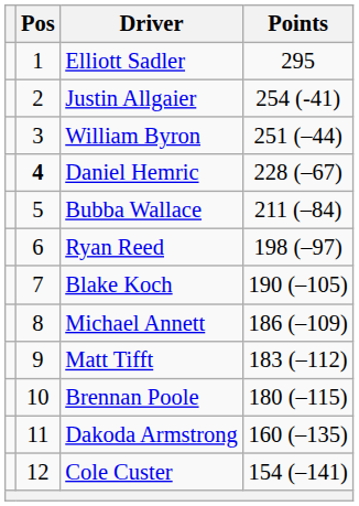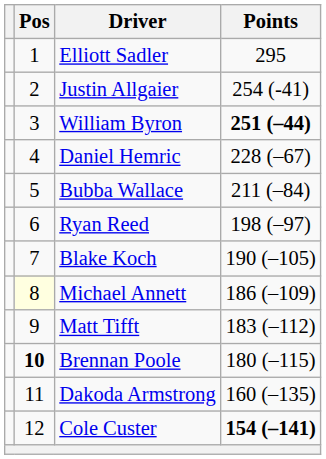 <table class="wikitable" style="font-size: 95%;">
 <tr>
 <th></th>
 <th>Pos</th>
 <th>Driver</th>
 <th>Points</th>
 </tr>
 <tr>
 <td align="left"></td>
 <td style="text-align:center;">1</td>
 <td><a href='#'>Elliott Sadler</a></td>
 <td style="text-align:center;">295</td>
 </tr>
 <tr>
 <td align="left"></td>
 <td style="text-align:center;">2</td>
 <td><a href='#'>Justin Allgaier</a></td>
 <td style="text-align:center;">254 (-41)</td>
 </tr>
 <tr>
 <td align="left"></td>
 <td style="text-align:center;">3</td>
 <td><a href='#'>William Byron</a></td>
-<td style="text-align:center;">251 (–44)</td>
+<td style="text-align:center;"><strong>251 (–44)</strong></td>
 </tr>
 <tr>
 <td align="left"></td>
-<td style="text-align:center;"><strong>4</strong></td>
+<td style="text-align:center;">4</td>
 <td><a href='#'>Daniel Hemric</a></td>
 <td style="text-align:center;">228 (–67)</td>
 </tr>
 <tr>
 <td align="left"></td>
 <td style="text-align:center;">5</td>
 <td><a href='#'>Bubba Wallace</a></td>
 <td style="text-align:center;">211 (–84)</td>
 </tr>
 <tr>
 <td align="left"></td>
 <td style="text-align:center;">6</td>
 <td><a href='#'>Ryan Reed</a></td>
 <td style="text-align:center;">198 (–97)</td>
 </tr>
 <tr>
 <td align="left"></td>
 <td style="text-align:center;">7</td>
 <td><a href='#'>Blake Koch</a></td>
 <td style="text-align:center;">190 (–105)</td>
 </tr>
 <tr>
 <td align="left"></td>
-<td style="text-align:center;">8</td>
+<td style="background: lightyellow; text-align:center;">8</td>
 <td><a href='#'>Michael Annett</a></td>
 <td style="text-align:center;">186 (–109)</td>
 </tr>
 <tr>
 <td align="left"></td>
 <td style="text-align:center;">9</td>
 <td><a href='#'>Matt Tifft</a></td>
 <td style="text-align:center;">183 (–112)</td>
 </tr>
 <tr>
 <td align="left"></td>
-<td style="text-align:center;">10</td>
+<td style="text-align:center;"><strong>10</strong></td>
 <td><a href='#'>Brennan Poole</a></td>
 <td style="text-align:center;">180 (–115)</td>
 </tr>
 <tr>
 <td align="left"></td>
 <td style="text-align:center;">11</td>
 <td><a href='#'>Dakoda Armstrong</a></td>
 <td style="text-align:center;">160 (–135)</td>
 </tr>
 <tr>
 <td align="left"></td>
 <td style="text-align:center;">12</td>
 <td><a href='#'>Cole Custer</a></td>
-<td style="text-align:center;">154 (–141)</td>
+<td style="text-align:center;"><strong>154 (–141)</strong></td>
 </tr>
 <tr class="sortbottom">
 <th colspan="9"></th>
 </tr>
 </table>
